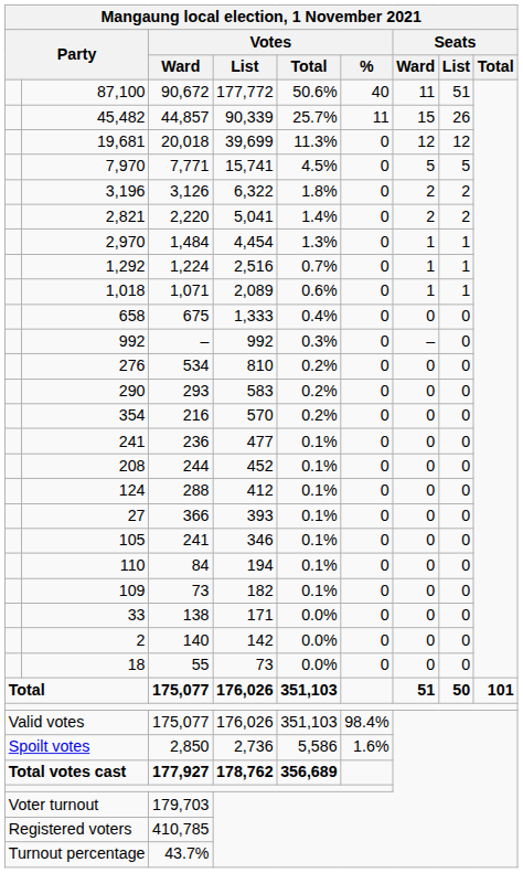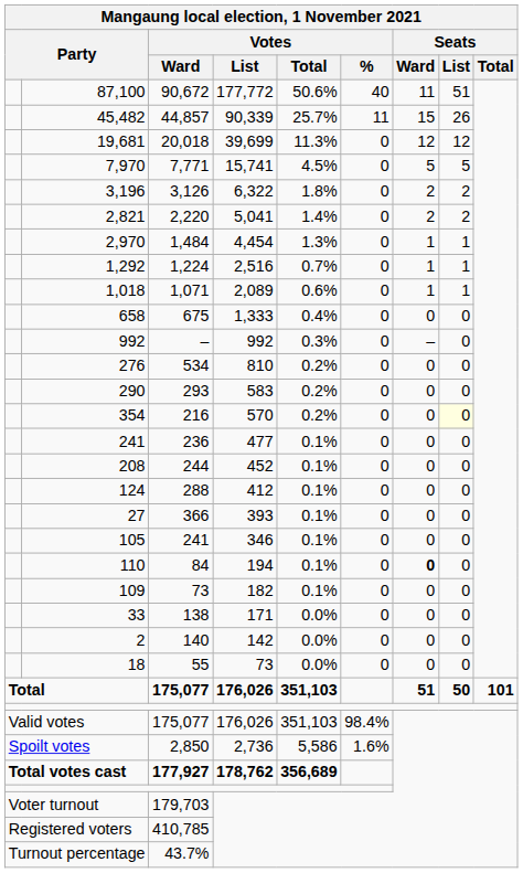 <table class=wikitable style="text-align:right">
 <tr>
 <th colspan="9" align="center">Mangaung local election, 1 November 2021</th>
 </tr>
 <tr>
 <th rowspan="2" colspan="2">Party</th>
 <th colspan="4" align="center">Votes</th>
 <th colspan="3" align="center">Seats</th>
 </tr>
 <tr>
 <th>Ward</th>
 <th>List</th>
 <th>Total</th>
 <th>%</th>
 <th>Ward</th>
 <th>List</th>
 <th>Total</th>
 </tr>
 <tr>
 <td></td>
 <td>87,100</td>
 <td>90,672</td>
 <td>177,772</td>
 <td>50.6%</td>
 <td>40</td>
 <td>11</td>
 <td>51</td>
 </tr>
 <tr>
 <td></td>
 <td>45,482</td>
 <td>44,857</td>
 <td>90,339</td>
 <td>25.7%</td>
 <td>11</td>
 <td>15</td>
 <td>26</td>
 </tr>
 <tr>
 <td></td>
 <td>19,681</td>
 <td>20,018</td>
 <td>39,699</td>
 <td>11.3%</td>
 <td>0</td>
 <td>12</td>
 <td>12</td>
 </tr>
 <tr>
 <td></td>
 <td>7,970</td>
 <td>7,771</td>
 <td>15,741</td>
 <td>4.5%</td>
 <td>0</td>
 <td>5</td>
 <td>5</td>
 </tr>
 <tr>
 <td></td>
 <td>3,196</td>
 <td>3,126</td>
 <td>6,322</td>
 <td>1.8%</td>
 <td>0</td>
 <td>2</td>
 <td>2</td>
 </tr>
 <tr>
 <td></td>
 <td>2,821</td>
 <td>2,220</td>
 <td>5,041</td>
 <td>1.4%</td>
 <td>0</td>
 <td>2</td>
 <td>2</td>
 </tr>
 <tr>
 <td></td>
 <td>2,970</td>
 <td>1,484</td>
 <td>4,454</td>
 <td>1.3%</td>
 <td>0</td>
 <td>1</td>
 <td>1</td>
 </tr>
 <tr>
 <td></td>
 <td>1,292</td>
 <td>1,224</td>
 <td>2,516</td>
 <td>0.7%</td>
 <td>0</td>
 <td>1</td>
 <td>1</td>
 </tr>
 <tr>
 <td></td>
 <td>1,018</td>
 <td>1,071</td>
 <td>2,089</td>
 <td>0.6%</td>
 <td>0</td>
 <td>1</td>
 <td>1</td>
 </tr>
 <tr>
 <td></td>
 <td>658</td>
 <td>675</td>
 <td>1,333</td>
 <td>0.4%</td>
 <td>0</td>
 <td>0</td>
 <td>0</td>
 </tr>
 <tr>
 <td></td>
 <td>992</td>
 <td>–</td>
 <td>992</td>
 <td>0.3%</td>
 <td>0</td>
 <td>–</td>
 <td>0</td>
 </tr>
 <tr>
 <td></td>
 <td>276</td>
 <td>534</td>
 <td>810</td>
 <td>0.2%</td>
 <td>0</td>
 <td>0</td>
 <td>0</td>
 </tr>
 <tr>
 <td></td>
 <td>290</td>
 <td>293</td>
 <td>583</td>
 <td>0.2%</td>
 <td>0</td>
 <td>0</td>
 <td>0</td>
 </tr>
 <tr>
 <td></td>
 <td>354</td>
 <td>216</td>
 <td>570</td>
 <td>0.2%</td>
 <td>0</td>
 <td>0</td>
-<td>0</td>
+<td style="background: lightyellow;">0</td>
 </tr>
 <tr>
 <td></td>
 <td>241</td>
 <td>236</td>
 <td>477</td>
 <td>0.1%</td>
 <td>0</td>
 <td>0</td>
 <td>0</td>
 </tr>
 <tr>
 <td></td>
 <td>208</td>
 <td>244</td>
 <td>452</td>
 <td>0.1%</td>
 <td>0</td>
 <td>0</td>
 <td>0</td>
 </tr>
 <tr>
 <td></td>
 <td>124</td>
 <td>288</td>
 <td>412</td>
 <td>0.1%</td>
 <td>0</td>
 <td>0</td>
 <td>0</td>
 </tr>
 <tr>
 <td></td>
 <td>27</td>
 <td>366</td>
 <td>393</td>
 <td>0.1%</td>
 <td>0</td>
 <td>0</td>
 <td>0</td>
 </tr>
 <tr>
 <td></td>
 <td>105</td>
 <td>241</td>
 <td>346</td>
 <td>0.1%</td>
 <td>0</td>
 <td>0</td>
 <td>0</td>
 </tr>
 <tr>
 <td></td>
 <td>110</td>
 <td>84</td>
 <td>194</td>
 <td>0.1%</td>
 <td>0</td>
-<td>0</td>
+<td><strong>0</strong></td>
 <td>0</td>
 </tr>
 <tr>
 <td></td>
 <td>109</td>
 <td>73</td>
 <td>182</td>
 <td>0.1%</td>
 <td>0</td>
 <td>0</td>
 <td>0</td>
 </tr>
 <tr>
 <td></td>
 <td>33</td>
 <td>138</td>
 <td>171</td>
 <td>0.0%</td>
 <td>0</td>
 <td>0</td>
 <td>0</td>
 </tr>
 <tr>
 <td></td>
 <td>2</td>
 <td>140</td>
 <td>142</td>
 <td>0.0%</td>
 <td>0</td>
 <td>0</td>
 <td>0</td>
 </tr>
 <tr>
 <td></td>
 <td>18</td>
 <td>55</td>
 <td>73</td>
 <td>0.0%</td>
 <td>0</td>
 <td>0</td>
 <td>0</td>
 </tr>
 <tr>
 <td colspan="2" style="text-align:left"><strong>Total</strong></td>
 <td><strong>175,077</strong></td>
 <td><strong>176,026</strong></td>
 <td><strong>351,103</strong></td>
 <td></td>
 <td><strong>51</strong></td>
 <td><strong>50</strong></td>
 <td><strong>101</strong></td>
 </tr>
 <tr>
 <td colspan="9"></td>
 </tr>
 <tr>
 <td colspan="2" style="text-align:left">Valid votes</td>
 <td>175,077</td>
 <td>176,026</td>
 <td>351,103</td>
 <td>98.4%</td>
 </tr>
 <tr>
 <td colspan="2" style="text-align:left"><a href='#'>Spoilt votes</a></td>
 <td>2,850</td>
 <td>2,736</td>
 <td>5,586</td>
 <td>1.6%</td>
 </tr>
 <tr>
 <td colspan="2" style="text-align:left"><strong>Total votes cast</strong></td>
 <td><strong>177,927</strong></td>
 <td><strong>178,762</strong></td>
 <td><strong>356,689</strong></td>
 <td></td>
 </tr>
 <tr>
 <td colspan="6"></td>
 </tr>
 <tr>
 <td colspan="2" style="text-align:left">Voter turnout</td>
 <td>179,703</td>
 </tr>
 <tr>
 <td colspan="2" style="text-align:left">Registered voters</td>
 <td>410,785</td>
 </tr>
 <tr>
 <td colspan="2" style="text-align:left">Turnout percentage</td>
 <td>43.7%</td>
 </tr>
 </table>
